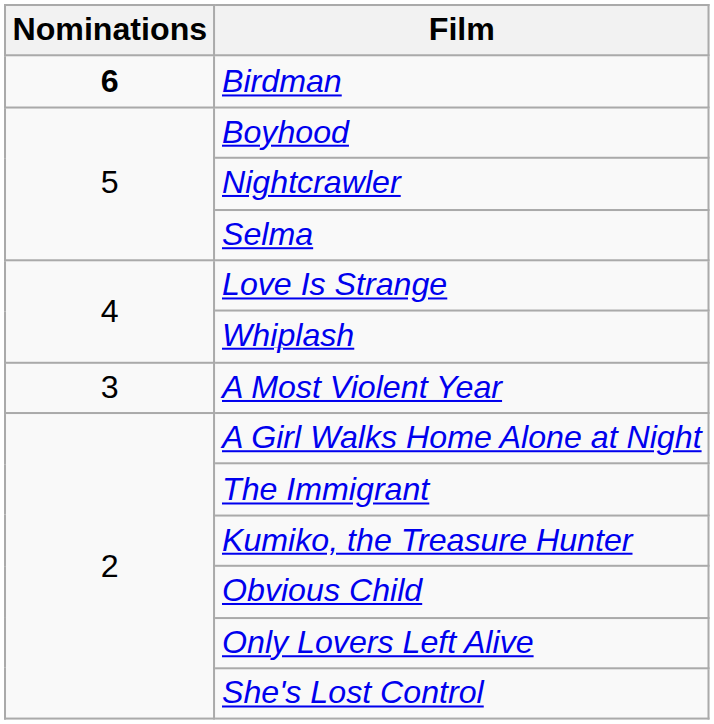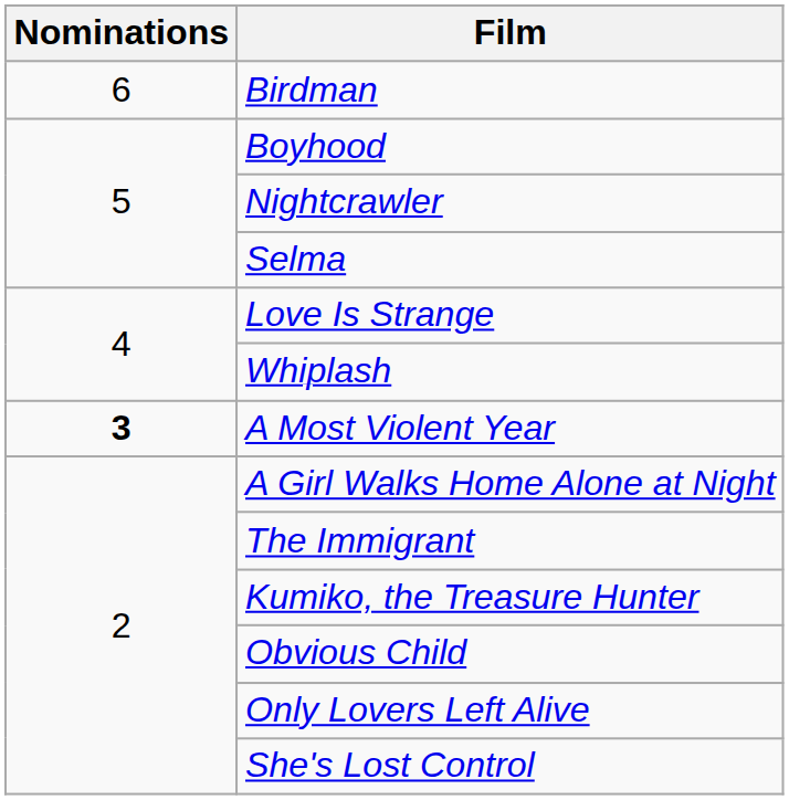 <table class="wikitable">
 <tr>
 <th>Nominations</th>
 <th>Film</th>
 </tr>
 <tr>
-<td style="text-align:center;"><strong>6</strong></td>
+<td style="text-align:center;">6</td>
 <td><em><a href='#'>Birdman</a></em></td>
 </tr>
 <tr>
 <td rowspan="3" style="text-align:center;">5</td>
 <td><em><a href='#'>Boyhood</a></em></td>
 </tr>
 <tr>
 <td><em><a href='#'>Nightcrawler</a></em></td>
 </tr>
 <tr>
 <td><em><a href='#'>Selma</a></em></td>
 </tr>
 <tr>
 <td rowspan="2" style="text-align:center;">4</td>
 <td><em><a href='#'>Love Is Strange</a></em></td>
 </tr>
 <tr>
 <td><em><a href='#'>Whiplash</a></em></td>
 </tr>
 <tr>
-<td style="text-align:center;">3</td>
+<td style="text-align:center;"><strong>3</strong></td>
 <td><em><a href='#'>A Most Violent Year</a></em></td>
 </tr>
 <tr>
 <td rowspan="6" style="text-align:center;">2</td>
 <td><em><a href='#'>A Girl Walks Home Alone at Night</a></em></td>
 </tr>
 <tr>
 <td><em><a href='#'>The Immigrant</a></em></td>
 </tr>
 <tr>
 <td><em><a href='#'>Kumiko, the Treasure Hunter</a></em></td>
 </tr>
 <tr>
 <td><em><a href='#'>Obvious Child</a></em></td>
 </tr>
 <tr>
 <td><em><a href='#'>Only Lovers Left Alive</a></em></td>
 </tr>
 <tr>
 <td><em><a href='#'>She's Lost Control</a></em></td>
 </tr>
 </table>
